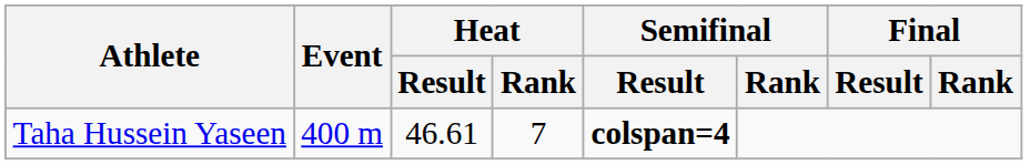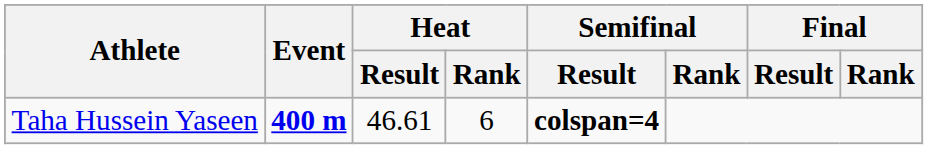 <table class="wikitable">
 <tr>
 <th rowspan="2">Athlete</th>
 <th rowspan="2">Event</th>
 <th colspan="2">Heat</th>
 <th colspan="2">Semifinal</th>
 <th colspan="2">Final</th>
 </tr>
 <tr>
 <th>Result</th>
 <th>Rank</th>
 <th>Result</th>
 <th>Rank</th>
 <th>Result</th>
 <th>Rank</th>
 </tr>
 <tr style=text-align:center>
 <td style=text-align:left><a href='#'>Taha Hussein Yaseen</a></td>
-<td style=text-align:left><a href='#'>400 m</a></td>
+<td style=text-align:left><strong><a href='#'>400 m</a></strong></td>
 <td>46.61</td>
-<td>7</td>
+<td>6</td>
 <td><strong>colspan=4 </strong></td>
 </tr>
 </table>
